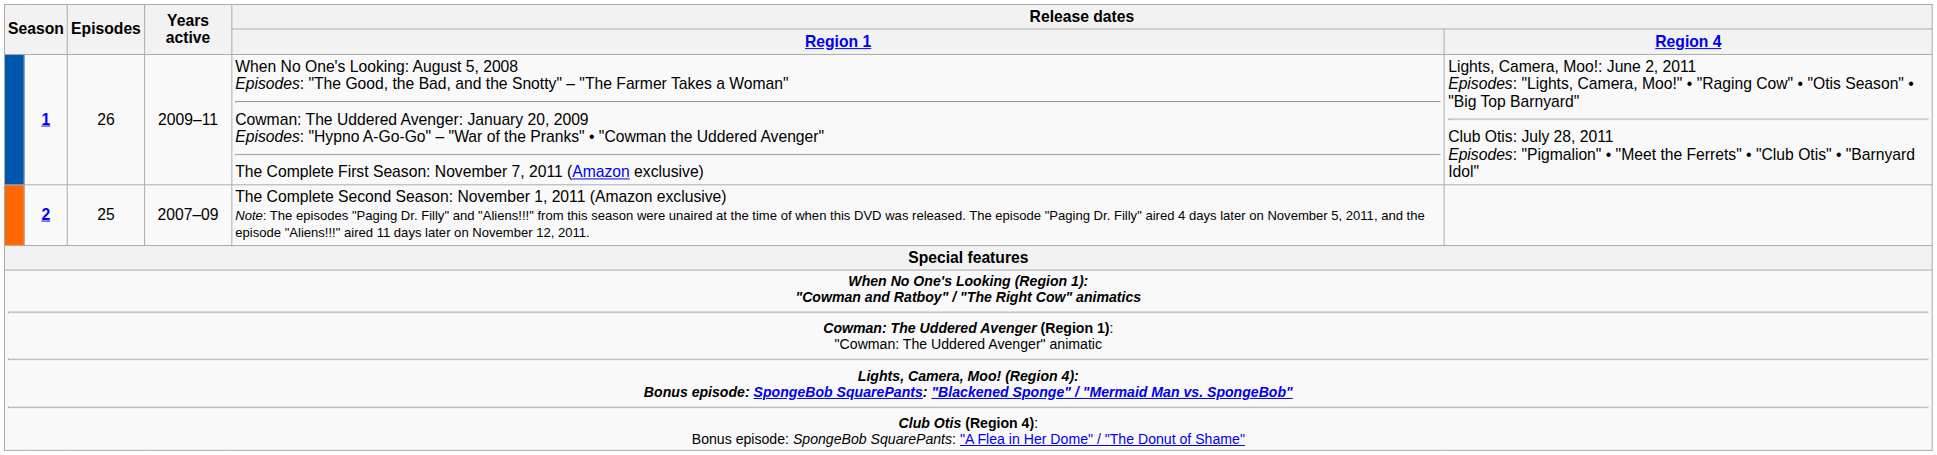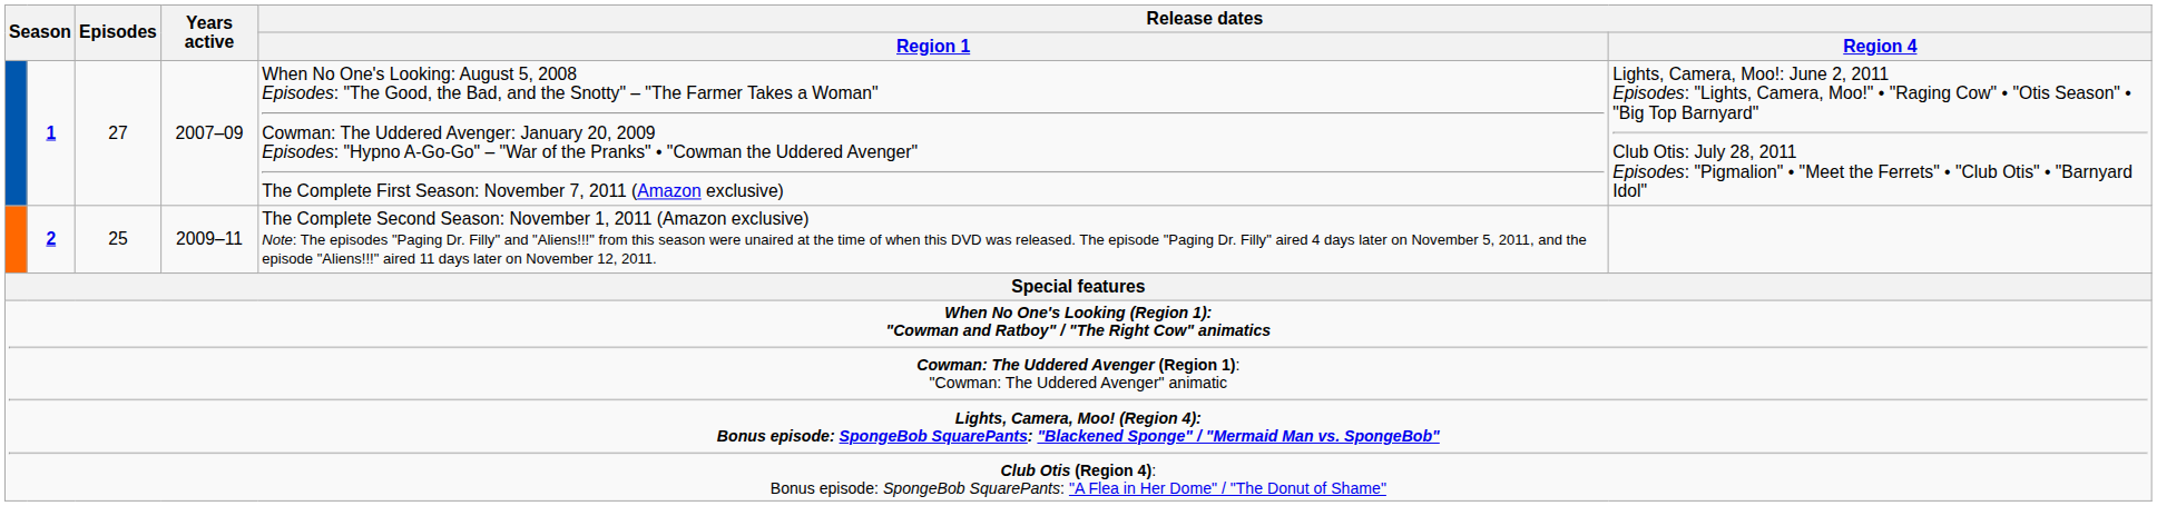 <table class="wikitable">
 <tr>
 <th colspan=2 rowspan=2>Season</th>
 <th rowspan=2>Episodes</th>
 <th rowspan=2>Years active</th>
 <th colspan=2>Release dates</th>
 </tr>
 <tr>
 <th><a href='#'>Region 1</a></th>
 <th><a href='#'>Region 4</a></th>
 </tr>
 <tr>
 <td style="background:#0057AE"></td>
 <td style="text-align: center"><strong><a href='#'>1</a></strong></td>
-<td style="text-align: center">26</td>
-<td style="text-align: center">2009–11</td>
+<td style="text-align: center">27</td>
+<td style="text-align: center">2007–09</td>
 <td>When No One's Looking: August 5, 2008 <br><em>Episodes</em>: "The Good, the Bad, and the Snotty" – "The Farmer Takes a Woman"<hr>Cowman: The Uddered Avenger: January 20, 2009<br><em>Episodes</em>: "Hypno A-Go-Go" – "War of the Pranks" • "Cowman the Uddered Avenger"<hr>The Complete First Season: November 7, 2011 (<a href='#'>Amazon</a> exclusive)</td>
 <td>Lights, Camera, Moo!: June 2, 2011<br><em>Episodes</em>: "Lights, Camera, Moo!" • "Raging Cow" • "Otis Season" • "Big Top Barnyard"<hr>Club Otis: July 28, 2011<br><em>Episodes</em>: "Pigmalion" • "Meet the Ferrets" • "Club Otis" • "Barnyard Idol"</td>
 </tr>
 <tr>
 <td style="background:#FF6800"></td>
 <td style="text-align: center"><strong><a href='#'>2</a></strong></td>
 <td style="text-align: center">25</td>
-<td style="text-align: center">2007–09</td>
+<td style="text-align: center">2009–11</td>
 <td>The Complete Second Season: November 1, 2011 (Amazon exclusive)<br><small><em>Note</em>: The episodes "Paging Dr. Filly" and "Aliens!!!" from this season were unaired at the time of when this DVD was released. The episode "Paging Dr. Filly" aired 4 days later on November 5, 2011, and the episode "Aliens!!!" aired 11 days later on November 12, 2011.</small></td>
 <td></td>
 </tr>
 <tr>
 <th colspan=6>Special features</th>
 </tr>
 <tr style="text-align: center; font-size:90%">
 <td colspan=6><strong><em>When No One's Looking<em> (Region 1)<strong>:<br>"Cowman and Ratboy" / "The Right Cow" animatics<hr></em></strong>Cowman: The Uddered Avenger</em> (Region 1)</strong>:<br>"Cowman: The Uddered Avenger" animatic<hr><strong><em>Lights, Camera, Moo!<em> (Region 4)<strong>:<br>Bonus episode: </em><a href='#'>SpongeBob SquarePants</a><em>: <a href='#'>"Blackened Sponge" / "Mermaid Man vs. SpongeBob"</a><hr></em></strong>Club Otis</em> (Region 4)</strong>:<br>Bonus episode: <em>SpongeBob SquarePants</em>: <a href='#'>"A Flea in Her Dome" / "The Donut of Shame"</a></td>
 </tr>
 </table>
